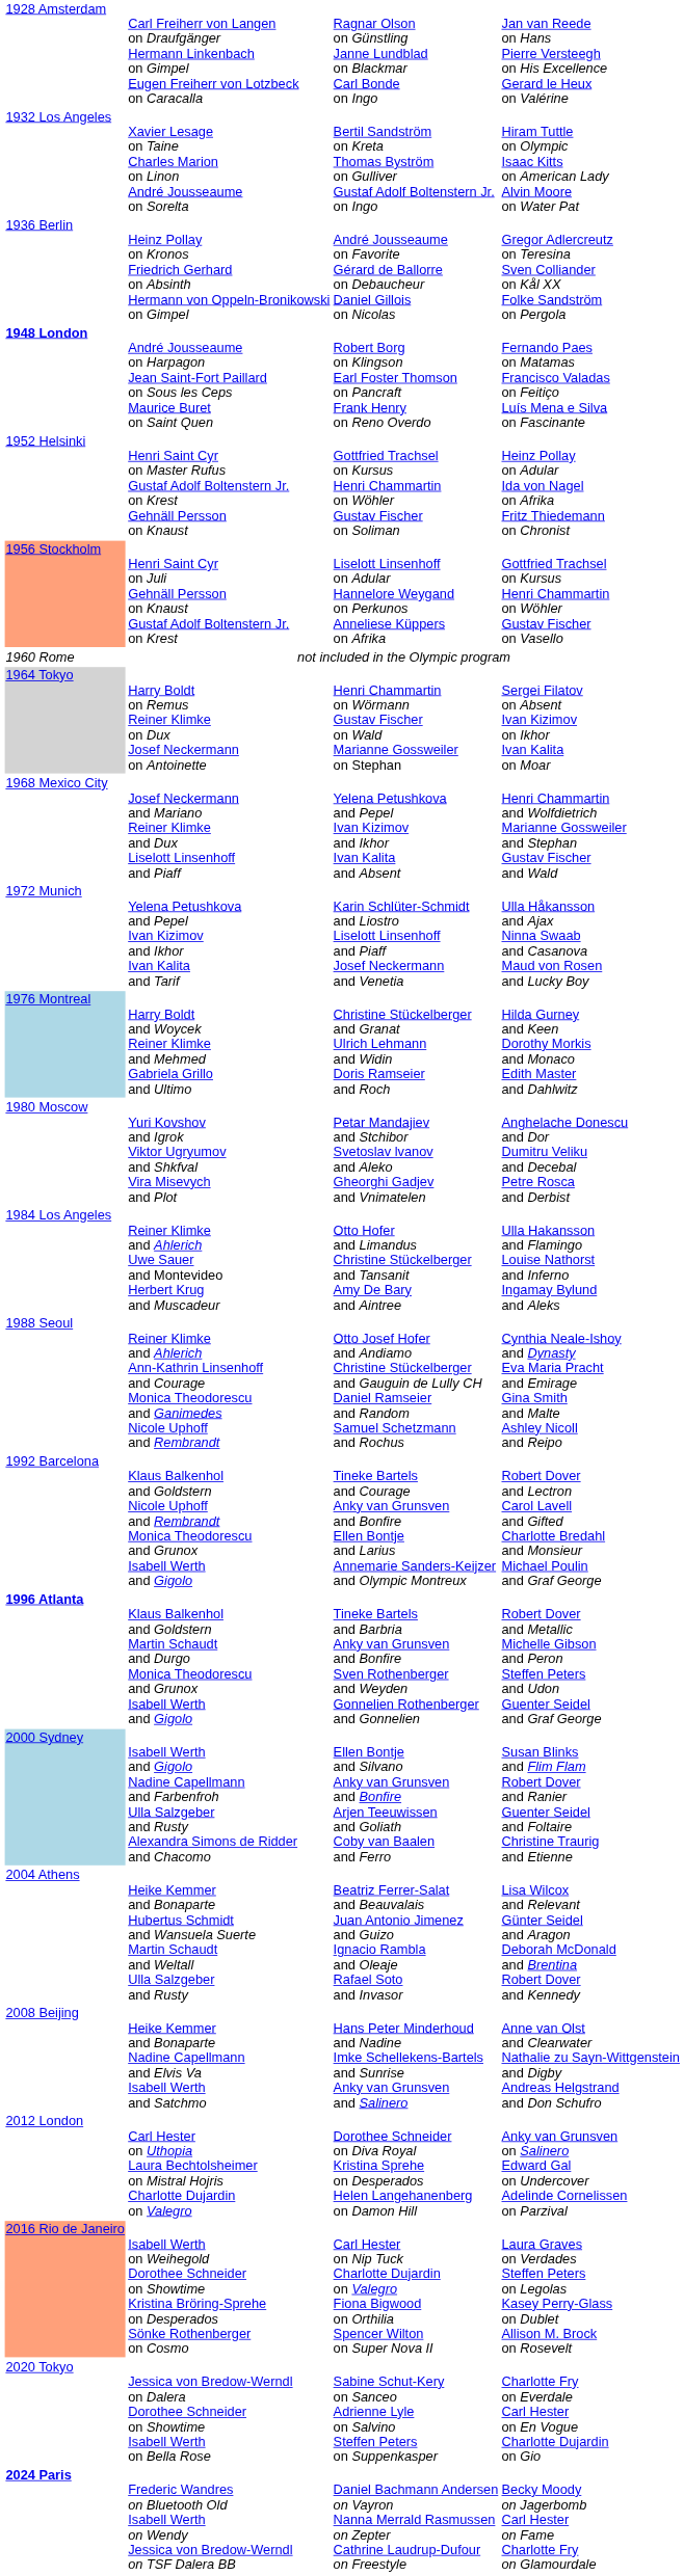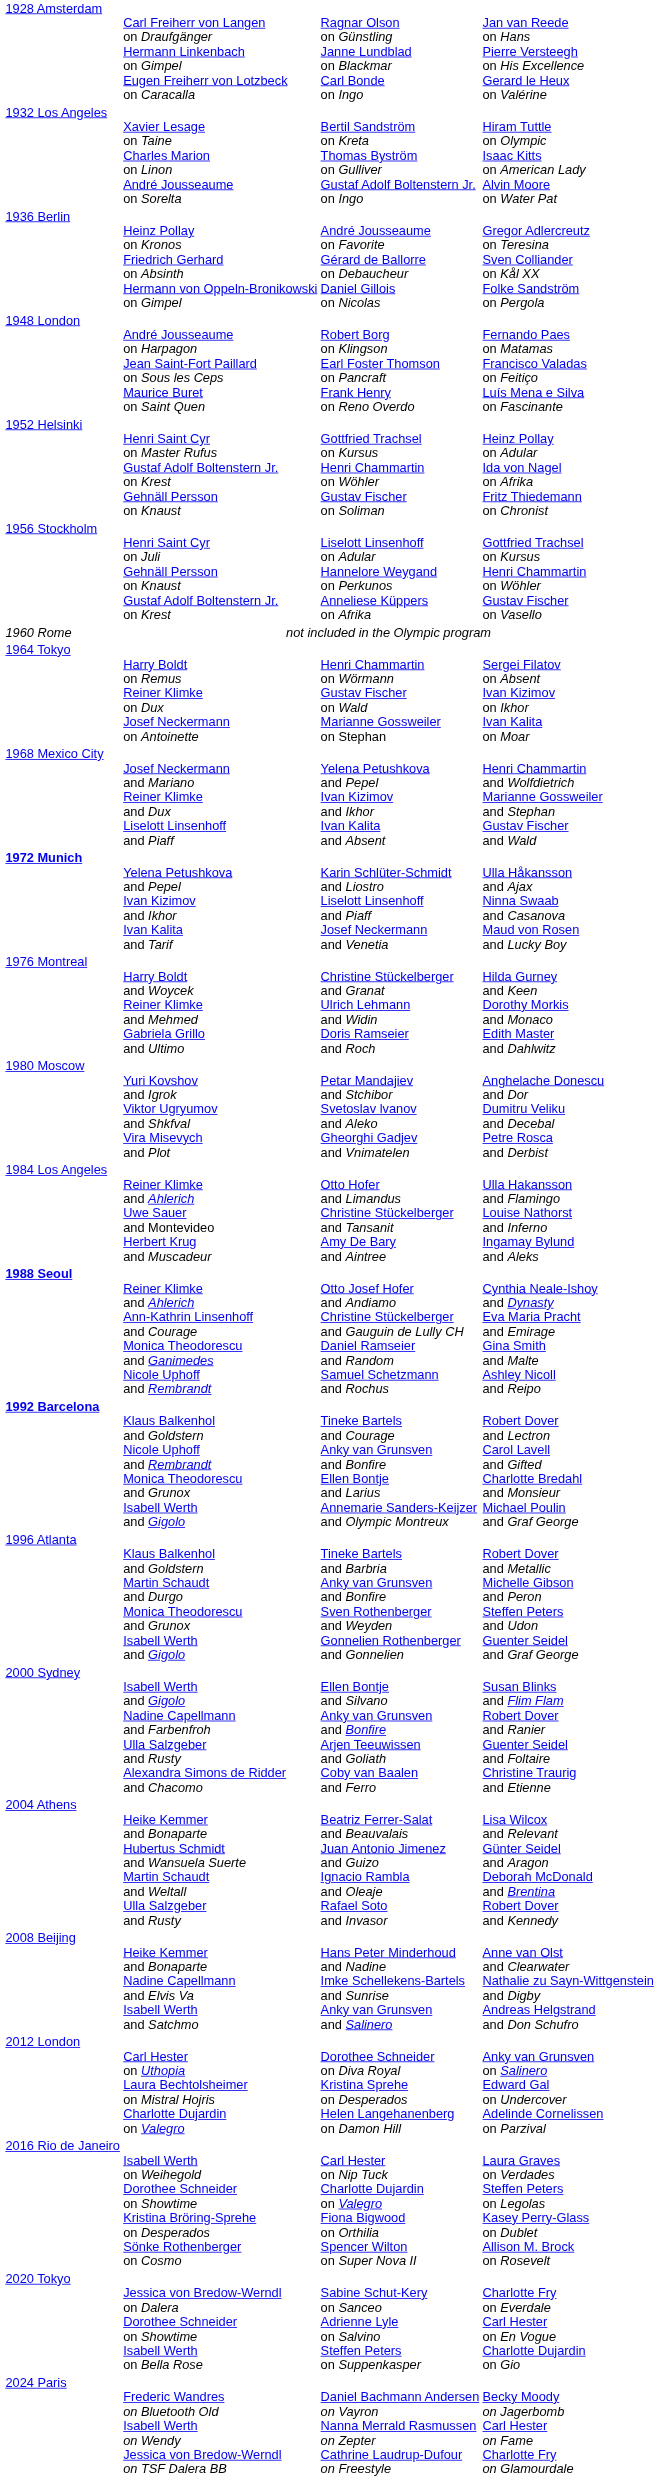 <table>
 <tr valign="top">
 <td><a href='#'>1928 Amsterdam</a><br></td>
 <td valign=top><br> <a href='#'>Carl Freiherr von Langen</a> <br> on <em>Draufgänger</em> <br> <a href='#'>Hermann Linkenbach</a> <br> on <em>Gimpel</em> <br> <a href='#'>Eugen Freiherr von Lotzbeck</a> <br> on <em>Caracalla</em></td>
 <td valign=top><br> <a href='#'>Ragnar Olson</a> <br> on <em>Günstling</em> <br> <a href='#'>Janne Lundblad</a> <br> on <em>Blackmar</em> <br> <a href='#'>Carl Bonde</a> <br> on <em>Ingo</em></td>
 <td valign=top><br> <a href='#'>Jan van Reede</a> <br> on <em>Hans</em> <br> <a href='#'>Pierre Versteegh</a> <br> on <em>His Excellence</em> <br> <a href='#'>Gerard le Heux</a> <br> on <em>Valérine</em></td>
 </tr>
 <tr valign="top">
 <td><a href='#'>1932 Los Angeles</a><br></td>
 <td valign=top><br><a href='#'>Xavier Lesage</a> <br> on <em>Taine</em> <br> <a href='#'>Charles Marion</a> <br> on <em>Linon</em> <br> <a href='#'>André Jousseaume</a> <br> on <em>Sorelta</em></td>
 <td valign=top><br><a href='#'>Bertil Sandström</a> <br> on <em>Kreta</em> <br> <a href='#'>Thomas Byström</a> <br> on <em>Gulliver</em> <br> <a href='#'>Gustaf Adolf Boltenstern Jr.</a> <br> on <em>Ingo</em></td>
 <td valign=top><br><a href='#'>Hiram Tuttle</a> <br> on <em>Olympic</em> <br> <a href='#'>Isaac Kitts</a> <br> on <em>American Lady</em> <br> <a href='#'>Alvin Moore</a> <br> on <em>Water Pat</em></td>
 </tr>
 <tr valign="top">
 <td><a href='#'>1936 Berlin</a><br></td>
 <td valign=top><br><a href='#'>Heinz Pollay</a> <br> on <em>Kronos</em> <br> <a href='#'>Friedrich Gerhard</a> <br> on <em>Absinth</em> <br> <a href='#'>Hermann von Oppeln-Bronikowski</a> <br> on <em>Gimpel</em></td>
 <td valign=top><br><a href='#'>André Jousseaume</a> <br> on <em>Favorite</em> <br><a href='#'>Gérard de Ballorre</a> <br> on <em>Debaucheur</em> <br> <a href='#'>Daniel Gillois</a> <br> on <em>Nicolas</em></td>
 <td valign=top><br><a href='#'>Gregor Adlercreutz</a> <br> on <em>Teresina</em> <br> <a href='#'>Sven Colliander</a> <br> on <em>Kål XX</em> <br> <a href='#'>Folke Sandström</a> <br> on <em>Pergola</em></td>
 </tr>
 <tr valign="top">
-<td><strong><a href='#'>1948 London</a><br></strong></td>
+<td><a href='#'>1948 London</a><br></td>
 <td valign=top><br><a href='#'>André Jousseaume</a> <br> on <em>Harpagon</em> <br> <a href='#'>Jean Saint-Fort Paillard</a> <br> on <em>Sous les Ceps</em> <br> <a href='#'>Maurice Buret</a> <br> on <em>Saint Quen</em></td>
 <td valign=top><br><a href='#'>Robert Borg</a> <br> on <em>Klingson</em> <br><a href='#'>Earl Foster Thomson</a> <br> on <em>Pancraft</em> <br> <a href='#'>Frank Henry</a> <br> on <em>Reno Overdo</em></td>
 <td valign=top><br><a href='#'>Fernando Paes</a> <br> on <em>Matamas</em> <br> <a href='#'>Francisco Valadas</a> <br> on <em>Feitiço</em> <br> <a href='#'>Luís Mena e Silva</a> <br> on <em>Fascinante</em></td>
 </tr>
 <tr valign="top">
 <td><a href='#'>1952 Helsinki</a><br></td>
 <td valign=top><br><a href='#'>Henri Saint Cyr</a> <br> on <em>Master Rufus</em> <br> <a href='#'>Gustaf Adolf Boltenstern Jr.</a> <br> on <em>Krest</em> <br> <a href='#'>Gehnäll Persson</a> <br> on <em>Knaust</em></td>
 <td valign=top><br><a href='#'>Gottfried Trachsel</a> <br> on <em>Kursus</em> <br><a href='#'>Henri Chammartin</a> <br> on <em>Wöhler</em> <br> <a href='#'>Gustav Fischer</a> <br> on <em>Soliman</em></td>
 <td valign=top><br><a href='#'>Heinz Pollay</a> <br> on <em>Adular</em> <br> <a href='#'>Ida von Nagel</a> <br> on <em>Afrika</em> <br> <a href='#'>Fritz Thiedemann</a> <br> on <em>Chronist</em></td>
 </tr>
 <tr valign="top">
-<td style="background: lightsalmon;"><a href='#'>1956 Stockholm</a><br></td>
+<td><a href='#'>1956 Stockholm</a><br></td>
 <td valign=top><br><a href='#'>Henri Saint Cyr</a> <br> on <em>Juli</em> <br> <a href='#'>Gehnäll Persson</a> <br> on <em>Knaust</em> <br> <a href='#'>Gustaf Adolf Boltenstern Jr.</a> <br> on <em>Krest</em></td>
 <td valign=top><br><a href='#'>Liselott Linsenhoff</a> <br> on <em>Adular</em> <br> <a href='#'>Hannelore Weygand</a> <br> on <em>Perkunos</em> <br> <a href='#'>Anneliese Küppers</a> <br> on <em>Afrika</em></td>
 <td valign=top><br><a href='#'>Gottfried Trachsel</a> <br> on <em>Kursus</em> <br><a href='#'>Henri Chammartin</a> <br> on <em>Wöhler</em> <br> <a href='#'>Gustav Fischer</a> <br> on <em>Vasello</em></td>
 </tr>
 <tr>
 <td><em>1960 Rome</em></td>
 <td colspan="3" style="text-align:center;"><em>not included in the Olympic program</em></td>
 </tr>
 <tr valign="top">
-<td style="background: lightgrey;"><a href='#'>1964 Tokyo</a><br></td>
+<td><a href='#'>1964 Tokyo</a><br></td>
 <td valign=top><br><a href='#'>Harry Boldt</a> <br> on <em>Remus</em> <br> <a href='#'>Reiner Klimke</a> <br> on <em>Dux</em> <br> <a href='#'>Josef Neckermann</a> <br> on <em>Antoinette</em></td>
 <td valign=top><br><a href='#'>Henri Chammartin</a> <br> on <em>Wörmann</em> <br> <a href='#'>Gustav Fischer</a> <br> on <em>Wald</em> <br> <a href='#'>Marianne Gossweiler</a> <br> on Stephan</td>
 <td valign=top><br><a href='#'>Sergei Filatov</a> <br> on <em>Absent</em> <br> <a href='#'>Ivan Kizimov</a> <br> on <em>Ikhor</em> <br> <a href='#'>Ivan Kalita</a> <br> on <em>Moar</em></td>
 </tr>
 <tr valign="top">
 <td><a href='#'>1968 Mexico City</a><br></td>
 <td valign=top><br><a href='#'>Josef Neckermann</a> <br> and <em>Mariano</em> <br> <a href='#'>Reiner Klimke</a> <br> and <em>Dux</em> <br> <a href='#'>Liselott Linsenhoff</a> <br> and <em>Piaff</em></td>
 <td valign=top><br><a href='#'>Yelena Petushkova</a> <br> and <em>Pepel</em> <br> <a href='#'>Ivan Kizimov</a> <br> and <em>Ikhor</em> <br> <a href='#'>Ivan Kalita</a> <br> and <em>Absent</em></td>
 <td valign=top><br><a href='#'>Henri Chammartin</a> <br> and <em>Wolfdietrich</em> <br> <a href='#'>Marianne Gossweiler</a> <br> and <em>Stephan</em> <br> <a href='#'>Gustav Fischer</a> <br> and <em>Wald</em></td>
 </tr>
 <tr valign="top">
-<td><a href='#'>1972 Munich</a><br></td>
+<td><strong><a href='#'>1972 Munich</a><br></strong></td>
 <td valign=top><br><a href='#'>Yelena Petushkova</a> <br> and <em>Pepel</em> <br> <a href='#'>Ivan Kizimov</a> <br> and <em>Ikhor</em> <br> <a href='#'>Ivan Kalita</a> <br> and <em>Tarif</em></td>
 <td valign=top> <br><a href='#'>Karin Schlüter-Schmidt</a> <br> and <em>Liostro</em> <br> <a href='#'>Liselott Linsenhoff</a> <br> and <em>Piaff</em> <br><a href='#'>Josef Neckermann</a> <br> and <em>Venetia</em></td>
 <td valign=top><br><a href='#'>Ulla Håkansson</a> <br> and <em>Ajax</em> <br> <a href='#'>Ninna Swaab</a> <br> and <em>Casanova</em> <br> <a href='#'>Maud von Rosen</a> <br> and <em>Lucky Boy</em></td>
 </tr>
 <tr valign="top">
-<td style="background: lightblue;"><a href='#'>1976 Montreal</a><br></td>
+<td><a href='#'>1976 Montreal</a><br></td>
 <td><br><a href='#'>Harry Boldt</a> <br> and <em>Woycek</em> <br> <a href='#'>Reiner Klimke</a> <br> and <em>Mehmed</em> <br> <a href='#'>Gabriela Grillo</a> <br> and <em>Ultimo</em></td>
 <td> <br><a href='#'>Christine Stückelberger</a> <br> and <em>Granat</em> <br> <a href='#'>Ulrich Lehmann</a> <br> and <em>Widin</em> <br><a href='#'>Doris Ramseier</a> <br> and <em>Roch</em></td>
 <td><br><a href='#'>Hilda Gurney</a> <br> and <em>Keen</em> <br> <a href='#'>Dorothy Morkis</a> <br> and <em>Monaco</em> <br> <a href='#'>Edith Master</a> <br> and <em>Dahlwitz</em></td>
 </tr>
 <tr valign="top">
 <td><a href='#'>1980 Moscow</a><br></td>
 <td valign=top><br><a href='#'>Yuri Kovshov</a> <br> and <em>Igrok</em> <br><a href='#'>Viktor Ugryumov</a> <br> and <em>Shkfval</em> <br><a href='#'>Vira Misevych</a> <br> and <em>Plot</em></td>
 <td valign=top><br><a href='#'>Petar Mandajiev</a> <br> and <em>Stchibor</em><br><a href='#'>Svetoslav lvanov</a> <br> and <em>Aleko</em><br><a href='#'>Gheorghi Gadjev</a> <br> and <em>Vnimatelen</em></td>
 <td valign=top><br><a href='#'>Anghelache Donescu</a> <br> and <em>Dor</em> <br><a href='#'>Dumitru Veliku</a> <br> and <em>Decebal</em><br><a href='#'>Petre Rosca</a> <br> and <em>Derbist</em></td>
 </tr>
 <tr valign="top">
 <td><a href='#'>1984 Los Angeles</a><br></td>
 <td valign=top><br><a href='#'>Reiner Klimke</a> <br> and <em><a href='#'>Ahlerich</a></em> <br> <a href='#'>Uwe Sauer</a> <br> and Montevideo <br> <a href='#'>Herbert Krug</a> <br> and <em>Muscadeur</em></td>
 <td valign=top><br><a href='#'>Otto Hofer</a> <br> and <em>Limandus</em> <br> <a href='#'>Christine Stückelberger</a> <br> and <em>Tansanit</em> <br> <a href='#'>Amy De Bary</a> <br> and <em>Aintree</em></td>
 <td valign=top><br><a href='#'>Ulla Hakansson</a> <br> and <em>Flamingo</em> <br> <a href='#'>Louise Nathorst</a> <br> and <em>Inferno</em> <br> <a href='#'>Ingamay Bylund</a> <br> and <em>Aleks</em></td>
 </tr>
 <tr valign="top">
-<td><a href='#'>1988 Seoul</a><br></td>
+<td><strong><a href='#'>1988 Seoul</a><br></strong></td>
 <td valign=top><br><a href='#'>Reiner Klimke</a> <br> and <em><a href='#'>Ahlerich</a></em> <br> <a href='#'>Ann-Kathrin Linsenhoff</a> <br> and <em>Courage</em> <br> <a href='#'>Monica Theodorescu</a> <br> and <em><a href='#'>Ganimedes</a></em> <br> <a href='#'>Nicole Uphoff</a> <br> and <em><a href='#'>Rembrandt</a></em></td>
 <td valign=top><br><a href='#'>Otto Josef Hofer</a> <br> and <em>Andiamo</em> <br> <a href='#'>Christine Stückelberger</a> <br> and <em>Gauguin de Lully CH</em> <br> <a href='#'>Daniel Ramseier</a> <br> and <em>Random</em> <br> <a href='#'>Samuel Schetzmann</a> <br> and <em>Rochus</em></td>
 <td valign=top><br><a href='#'>Cynthia Neale-Ishoy</a> <br> and <em><a href='#'>Dynasty</a></em> <br> <a href='#'>Eva Maria Pracht</a> <br> and <em>Emirage</em> <br> <a href='#'>Gina Smith</a> <br> and <em>Malte</em> <br> <a href='#'>Ashley Nicoll</a> <br> and <em>Reipo</em></td>
 </tr>
 <tr valign="top">
-<td><a href='#'>1992 Barcelona</a><br></td>
+<td><strong><a href='#'>1992 Barcelona</a><br></strong></td>
 <td valign=top><br><a href='#'>Klaus Balkenhol</a> <br> and <em>Goldstern</em> <br> <a href='#'>Nicole Uphoff</a> <br> and <em><a href='#'>Rembrandt</a></em> <br> <a href='#'>Monica Theodorescu</a> <br> and <em>Grunox</em> <br> <a href='#'>Isabell Werth</a> <br> and <em><a href='#'>Gigolo</a></em></td>
 <td valign=top><br><a href='#'>Tineke Bartels</a> <br> and <em>Courage</em> <br> <a href='#'>Anky van Grunsven</a> <br> and <em>Bonfire</em> <br> <a href='#'>Ellen Bontje</a> <br> and <em>Larius</em> <br> <a href='#'>Annemarie Sanders-Keijzer</a> <br> and <em>Olympic Montreux</em></td>
 <td valign=top><br><a href='#'>Robert Dover</a> <br> and <em>Lectron</em> <br> <a href='#'>Carol Lavell</a> <br> and <em>Gifted</em> <br> <a href='#'>Charlotte Bredahl</a> <br> and <em>Monsieur</em> <br> <a href='#'>Michael Poulin</a> <br> and <em>Graf George</em></td>
 </tr>
 <tr valign="top">
-<td><strong><a href='#'>1996 Atlanta</a><br></strong></td>
+<td><a href='#'>1996 Atlanta</a><br></td>
 <td valign=top><br><a href='#'>Klaus Balkenhol</a> <br> and <em>Goldstern</em> <br> <a href='#'>Martin Schaudt</a> <br> and <em>Durgo</em> <br> <a href='#'>Monica Theodorescu</a> <br> and <em>Grunox</em> <br> <a href='#'>Isabell Werth</a> <br> and <em><a href='#'>Gigolo</a></em></td>
 <td valign=top><br><a href='#'>Tineke Bartels</a> <br> and <em>Barbria</em> <br> <a href='#'>Anky van Grunsven</a> <br> and <em>Bonfire</em> <br> <a href='#'>Sven Rothenberger</a> <br> and <em>Weyden</em> <br> <a href='#'>Gonnelien Rothenberger</a> <br> and <em>Gonnelien</em></td>
 <td valign=top><br><a href='#'>Robert Dover</a> <br> and <em>Metallic</em> <br> <a href='#'>Michelle Gibson</a> <br> and <em>Peron</em> <br> <a href='#'>Steffen Peters</a> <br> and <em>Udon</em> <br> <a href='#'>Guenter Seidel</a> <br> and <em>Graf George</em></td>
 </tr>
 <tr valign="top">
-<td style="background: lightblue;"><a href='#'>2000 Sydney</a><br></td>
+<td><a href='#'>2000 Sydney</a><br></td>
 <td valign=top><br><a href='#'>Isabell Werth</a> <br> and <em><a href='#'>Gigolo</a></em> <br> <a href='#'>Nadine Capellmann</a> <br> and <em>Farbenfroh</em> <br><a href='#'>Ulla Salzgeber</a> <br> and <em>Rusty</em> <br> <a href='#'>Alexandra Simons de Ridder</a> <br> and <em>Chacomo</em></td>
 <td valign=top><br><a href='#'>Ellen Bontje</a> <br> and <em>Silvano</em> <br> <a href='#'>Anky van Grunsven</a> <br> and <em><a href='#'>Bonfire</a></em> <br><a href='#'>Arjen Teeuwissen</a> <br> and <em>Goliath</em><br><a href='#'>Coby van Baalen</a> <br> and <em>Ferro</em></td>
 <td valign=top><br><a href='#'>Susan Blinks</a> <br> and <em><a href='#'>Flim Flam</a></em> <br> <a href='#'>Robert Dover</a> <br> and <em>Ranier</em> <br> <a href='#'>Guenter Seidel</a> <br> and <em>Foltaire</em> <br> <a href='#'>Christine Traurig</a> <br> and <em>Etienne</em></td>
 </tr>
 <tr valign="top">
 <td><a href='#'>2004 Athens</a><br></td>
 <td valign=top><br><a href='#'>Heike Kemmer</a> <br> and <em>Bonaparte</em><br><a href='#'>Hubertus Schmidt</a> <br> and <em>Wansuela Suerte</em><br><a href='#'>Martin Schaudt</a> <br> and <em>Weltall</em><br><a href='#'>Ulla Salzgeber</a> <br> and <em>Rusty</em></td>
 <td valign=top><br><a href='#'>Beatriz Ferrer-Salat</a> <br> and <em>Beauvalais</em><br><a href='#'>Juan Antonio Jimenez</a> <br> and <em>Guizo</em><br><a href='#'>Ignacio Rambla</a> <br> and <em>Oleaje</em><br><a href='#'>Rafael Soto</a> <br> and <em>Invasor</em></td>
 <td valign=top><br><a href='#'>Lisa Wilcox</a> <br> and <em>Relevant</em><br><a href='#'>Günter Seidel</a> <br> and <em>Aragon</em><br><a href='#'>Deborah McDonald</a> <br> and <em><a href='#'>Brentina</a></em><br><a href='#'>Robert Dover</a> <br> and <em>Kennedy</em></td>
 </tr>
 <tr valign="top">
 <td><a href='#'>2008 Beijing</a><br></td>
 <td valign=top><br><a href='#'>Heike Kemmer</a> <br> and <em>Bonaparte</em><br><a href='#'>Nadine Capellmann</a> <br> and <em>Elvis Va</em><br><a href='#'>Isabell Werth</a> <br> and <em>Satchmo</em></td>
 <td valign=top><br><a href='#'>Hans Peter Minderhoud</a> <br> and <em>Nadine</em><br><a href='#'>Imke Schellekens-Bartels</a> <br> and <em>Sunrise</em><br><a href='#'>Anky van Grunsven</a> <br> and <em><a href='#'>Salinero</a></em></td>
 <td valign=top><br><a href='#'>Anne van Olst</a> <br> and <em>Clearwater</em><br><a href='#'>Nathalie zu Sayn-Wittgenstein</a> <br> and <em>Digby</em><br><a href='#'>Andreas Helgstrand</a> <br> and <em>Don Schufro</em></td>
 </tr>
 <tr valign="top">
 <td><a href='#'>2012 London</a><br></td>
 <td valign=top><br><a href='#'>Carl Hester</a> <br> on <em><a href='#'>Uthopia</a></em><br><a href='#'>Laura Bechtolsheimer</a> <br> on <em>Mistral Hojris</em><br><a href='#'>Charlotte Dujardin</a> <br> on <em><a href='#'>Valegro</a></em></td>
 <td><br><a href='#'>Dorothee Schneider</a> <br> on <em>Diva Royal</em><br><a href='#'>Kristina Sprehe</a> <br> on <em>Desperados</em><br><a href='#'>Helen Langehanenberg</a> <br> on <em>Damon Hill</em></td>
 <td valign=top><br><a href='#'>Anky van Grunsven</a> <br> on <em><a href='#'>Salinero</a></em><br><a href='#'>Edward Gal</a> <br> on <em>Undercover</em><br><a href='#'>Adelinde Cornelissen</a> <br> on <em>Parzival</em></td>
 </tr>
 <tr valign="top">
-<td style="background: lightsalmon;"><a href='#'>2016 Rio de Janeiro</a><br></td>
+<td><a href='#'>2016 Rio de Janeiro</a><br></td>
 <td valign=top><br><a href='#'>Isabell Werth</a> <br> on <em>Weihegold</em><br><a href='#'>Dorothee Schneider</a> <br> on <em>Showtime</em><br><a href='#'>Kristina Bröring-Sprehe</a> <br> on <em>Desperados</em><br><a href='#'>Sönke Rothenberger</a> <br> on <em>Cosmo</em></td>
 <td valign=top><br><a href='#'>Carl Hester</a> <br> on <em>Nip Tuck</em><br><a href='#'>Charlotte Dujardin</a> <br> on <em><a href='#'>Valegro</a></em><br><a href='#'>Fiona Bigwood</a> <br> on <em>Orthilia</em><br><a href='#'>Spencer Wilton</a> <br> on <em>Super Nova II</em></td>
 <td valign=top><br><a href='#'>Laura Graves</a> <br> on <em>Verdades</em><br><a href='#'>Steffen Peters</a> <br> on <em>Legolas</em><br><a href='#'>Kasey Perry-Glass</a> <br> on <em>Dublet</em><br><a href='#'>Allison M. Brock</a> <br> on <em>Rosevelt</em></td>
 </tr>
 <tr valign="top">
 <td><a href='#'>2020 Tokyo</a><br></td>
 <td><br> <a href='#'>Jessica von Bredow-Werndl</a> <br> on <em>Dalera</em><br><a href='#'>Dorothee Schneider</a> <br> on <em>Showtime</em><br><a href='#'>Isabell Werth</a> <br> on <em>Bella Rose</em></td>
 <td><br> <a href='#'>Sabine Schut-Kery</a> <br> on <em>Sanceo</em><br><a href='#'>Adrienne Lyle</a> <br> on <em>Salvino</em><br><a href='#'>Steffen Peters</a> <br> on <em>Suppenkasper</em></td>
 <td><br> <a href='#'>Charlotte Fry</a> <br> on <em>Everdale</em><br><a href='#'>Carl Hester</a> <br> on <em>En Vogue</em><br><a href='#'>Charlotte Dujardin</a> <br> on <em>Gio</em></td>
 </tr>
 <tr valign="top">
-<td><strong><a href='#'>2024 Paris</a><br></strong></td>
+<td><a href='#'>2024 Paris</a><br></td>
 <td><br><a href='#'>Frederic Wandres</a> <br><em>on Bluetooth Old</em><br><a href='#'>Isabell Werth</a> <br><em>on Wendy</em><br><a href='#'>Jessica von Bredow-Werndl</a> <br><em>on TSF Dalera BB</em></td>
 <td><br><a href='#'>Daniel Bachmann Andersen</a> <br><em>on Vayron</em><br><a href='#'>Nanna Merrald Rasmussen</a> <br><em>on Zepter</em><br><a href='#'>Cathrine Laudrup-Dufour</a> <br><em>on Freestyle</em></td>
 <td><br><a href='#'>Becky Moody</a> <br><em>on Jagerbomb</em><br><a href='#'>Carl Hester</a> <br><em>on Fame</em><br><a href='#'>Charlotte Fry</a> <br><em>on Glamourdale</em></td>
 </tr>
 <tr>
 </tr>
 </table>
